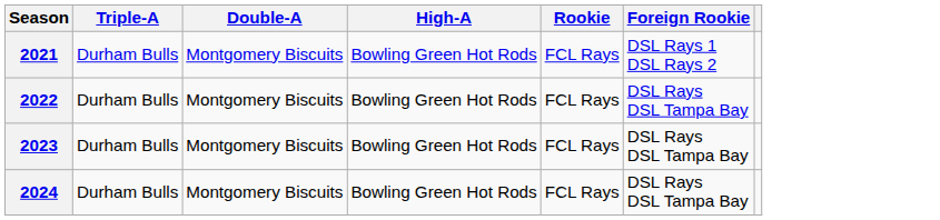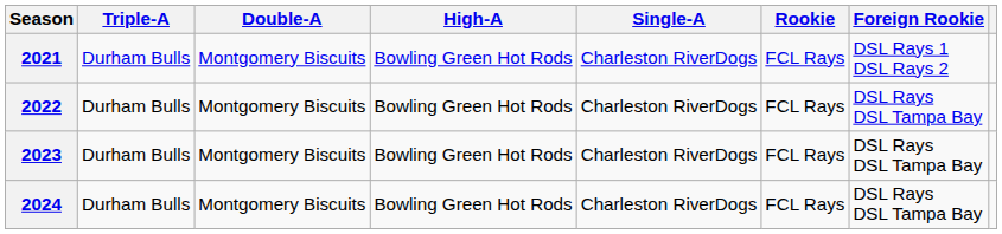 <table class="wikitable plainrowheaders">
 <tr>
 <th scope="col">Season</th>
 <th scope="col"><a href='#'><span>Triple-A</span></a></th>
 <th scope="col"><a href='#'><span>Double-A</span></a></th>
 <th scope="col"><a href='#'><span>High-A</span></a></th>
+<th scope="col"><a href='#'><span>Single-A</span></a></th>
 <th scope="col"><a href='#'><span>Rookie</span></a></th>
 <th scope="col"><a href='#'><span>Foreign Rookie</span></a></th>
 <th scope="col"></th>
 </tr>
 <tr>
 <th scope="row" style="text-align:center"><a href='#'>2021</a></th>
 <td><a href='#'>Durham Bulls</a></td>
 <td><a href='#'>Montgomery Biscuits</a></td>
 <td><a href='#'>Bowling Green Hot Rods</a></td>
+<td><a href='#'>Charleston RiverDogs</a></td>
 <td><a href='#'>FCL Rays</a></td>
 <td><a href='#'>DSL Rays 1</a><br><a href='#'>DSL Rays 2</a></td>
 <td align="center"></td>
 </tr>
 <tr>
 <th scope="row" style="text-align:center"><a href='#'>2022</a></th>
 <td>Durham Bulls</td>
 <td>Montgomery Biscuits</td>
 <td>Bowling Green Hot Rods</td>
+<td>Charleston RiverDogs</td>
 <td>FCL Rays</td>
 <td><a href='#'>DSL Rays</a><br><a href='#'>DSL Tampa Bay</a></td>
 <td align="center"></td>
 </tr>
 <tr>
 <th scope="row" style="text-align:center"><a href='#'>2023</a></th>
 <td>Durham Bulls</td>
 <td>Montgomery Biscuits</td>
 <td>Bowling Green Hot Rods</td>
+<td>Charleston RiverDogs</td>
 <td>FCL Rays</td>
 <td>DSL Rays<br>DSL Tampa Bay</td>
 <td align="center"></td>
 </tr>
 <tr>
 <th scope="row" style="text-align:center"><a href='#'>2024</a></th>
 <td>Durham Bulls</td>
 <td>Montgomery Biscuits</td>
 <td>Bowling Green Hot Rods</td>
+<td>Charleston RiverDogs</td>
 <td>FCL Rays</td>
 <td>DSL Rays<br>DSL Tampa Bay</td>
 <td align="center"></td>
 </tr>
 </table>
